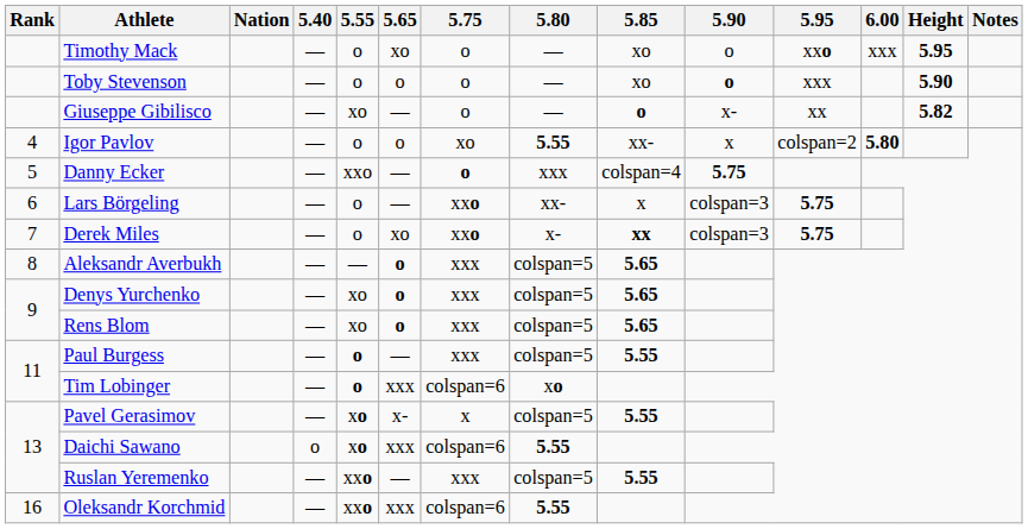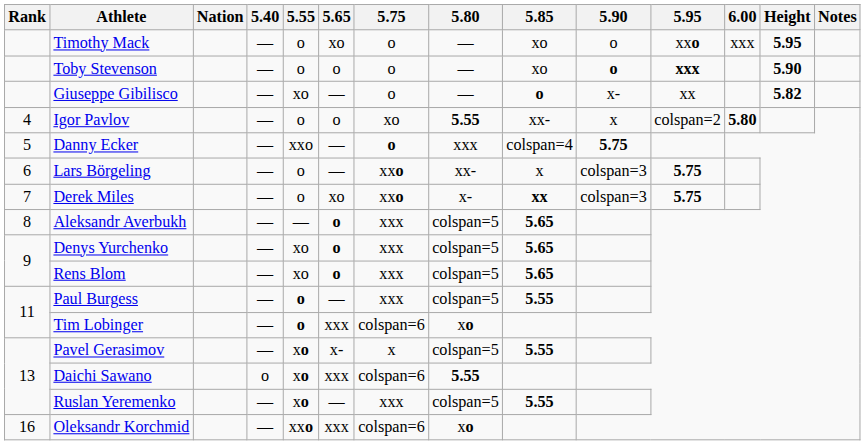 <table class="wikitable sortable" style="text-align:center">
 <tr>
 <th>Rank</th>
 <th>Athlete</th>
 <th>Nation</th>
 <th>5.40</th>
 <th>5.55</th>
 <th>5.65</th>
 <th>5.75</th>
 <th>5.80</th>
 <th>5.85</th>
 <th>5.90</th>
 <th>5.95</th>
 <th>6.00</th>
 <th>Height</th>
 <th>Notes</th>
 </tr>
 <tr>
 <td></td>
 <td align=left><a href='#'>Timothy Mack</a></td>
 <td align=left></td>
 <td>—</td>
 <td>o</td>
 <td>xo</td>
 <td>o</td>
 <td>—</td>
 <td>xo</td>
 <td>o</td>
 <td>xx<strong>o</strong></td>
 <td>xxx</td>
 <td><strong>5.95</strong></td>
 <td></td>
 </tr>
 <tr>
 <td></td>
 <td align=left><a href='#'>Toby Stevenson</a></td>
 <td align=left></td>
 <td>—</td>
 <td>o</td>
 <td>o</td>
 <td>o</td>
 <td>—</td>
 <td>xo</td>
 <td><strong>o</strong></td>
-<td>xxx</td>
+<td><strong>xxx</strong></td>
 <td></td>
 <td><strong>5.90</strong></td>
 <td></td>
 </tr>
 <tr>
 <td></td>
 <td align=left><a href='#'>Giuseppe Gibilisco</a></td>
 <td align=left></td>
 <td>—</td>
 <td>xo</td>
 <td>—</td>
 <td>o</td>
 <td>—</td>
 <td><strong>o</strong></td>
 <td>x-</td>
 <td>xx</td>
 <td></td>
 <td><strong>5.82</strong></td>
 <td></td>
 </tr>
 <tr>
 <td>4</td>
 <td align=left><a href='#'>Igor Pavlov</a></td>
 <td align=left></td>
 <td>—</td>
 <td>o</td>
 <td>o</td>
 <td>xo</td>
 <td><strong>5.55</strong></td>
 <td>xx-</td>
 <td>x</td>
 <td>colspan=2 </td>
 <td><strong>5.80</strong></td>
 <td></td>
 </tr>
 <tr>
 <td>5</td>
 <td align=left><a href='#'>Danny Ecker</a></td>
 <td align=left></td>
 <td>—</td>
 <td>xxo</td>
 <td>—</td>
 <td><strong>o</strong></td>
 <td>xxx</td>
 <td>colspan=4 </td>
 <td><strong>5.75</strong></td>
 <td></td>
 </tr>
 <tr>
 <td>6</td>
 <td align=left><a href='#'>Lars Börgeling</a></td>
 <td align=left></td>
 <td>—</td>
 <td>o</td>
 <td>—</td>
 <td>xx<strong>o</strong></td>
 <td>xx-</td>
 <td>x</td>
 <td>colspan=3 </td>
 <td><strong>5.75</strong></td>
 <td></td>
 </tr>
 <tr>
 <td>7</td>
 <td align=left><a href='#'>Derek Miles</a></td>
 <td align=left></td>
 <td>—</td>
 <td>o</td>
 <td>xo</td>
 <td>xx<strong>o</strong></td>
 <td>x-</td>
 <td><strong>xx</strong></td>
 <td>colspan=3 </td>
 <td><strong>5.75</strong></td>
 <td></td>
 </tr>
 <tr>
 <td>8</td>
 <td align=left><a href='#'>Aleksandr Averbukh</a></td>
 <td align=left></td>
 <td>—</td>
 <td>—</td>
 <td><strong>o</strong></td>
 <td>xxx</td>
 <td>colspan=5 </td>
 <td><strong>5.65</strong></td>
 <td></td>
 </tr>
 <tr>
 <td rowspan=2>9</td>
 <td align=left><a href='#'>Denys Yurchenko</a></td>
 <td align=left></td>
 <td>—</td>
 <td>xo</td>
 <td><strong>o</strong></td>
 <td>xxx</td>
 <td>colspan=5 </td>
 <td><strong>5.65</strong></td>
 <td></td>
 </tr>
 <tr>
 <td align=left><a href='#'>Rens Blom</a></td>
 <td align=left></td>
 <td>—</td>
 <td>xo</td>
 <td><strong>o</strong></td>
 <td>xxx</td>
 <td>colspan=5 </td>
 <td><strong>5.65</strong></td>
 <td></td>
 </tr>
 <tr>
 <td rowspan=2>11</td>
 <td align=left><a href='#'>Paul Burgess</a></td>
 <td align=left></td>
 <td>—</td>
 <td><strong>o</strong></td>
 <td>—</td>
 <td>xxx</td>
 <td>colspan=5 </td>
 <td><strong>5.55</strong></td>
 <td></td>
 </tr>
 <tr>
 <td align=left><a href='#'>Tim Lobinger</a></td>
 <td align=left></td>
 <td>—</td>
 <td><strong>o</strong></td>
 <td>xxx</td>
 <td>colspan=6 </td>
 <td>x<strong>o</strong></td>
 <td></td>
 </tr>
 <tr>
 <td rowspan=3>13</td>
 <td align=left><a href='#'>Pavel Gerasimov</a></td>
 <td align=left></td>
 <td>—</td>
 <td>x<strong>o</strong></td>
 <td>x-</td>
 <td>x</td>
 <td>colspan=5 </td>
 <td><strong>5.55</strong></td>
 <td></td>
 </tr>
 <tr>
 <td align=left><a href='#'>Daichi Sawano</a></td>
 <td align=left></td>
 <td>o</td>
 <td>x<strong>o</strong></td>
 <td>xxx</td>
 <td>colspan=6 </td>
 <td><strong>5.55</strong></td>
 <td></td>
 </tr>
 <tr>
 <td align=left><a href='#'>Ruslan Yeremenko</a></td>
 <td align=left></td>
 <td>—</td>
-<td>xx<strong>o</strong></td>
+<td>x<strong>o</strong></td>
 <td>—</td>
 <td>xxx</td>
 <td>colspan=5 </td>
 <td><strong>5.55</strong></td>
 <td></td>
 </tr>
 <tr>
 <td>16</td>
 <td align=left><a href='#'>Oleksandr Korchmid</a></td>
 <td align=left></td>
 <td>—</td>
 <td>xx<strong>o</strong></td>
 <td>xxx</td>
 <td>colspan=6 </td>
-<td><strong>5.55</strong></td>
+<td>x<strong>o</strong></td>
 <td></td>
 </tr>
 </table>
